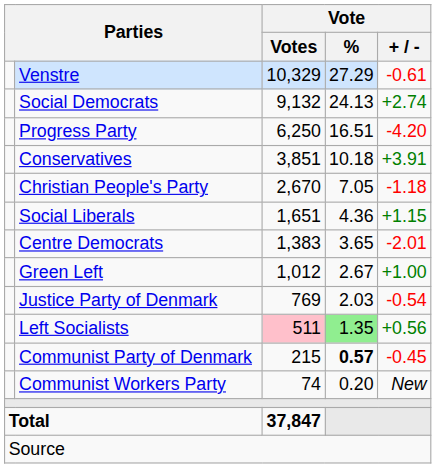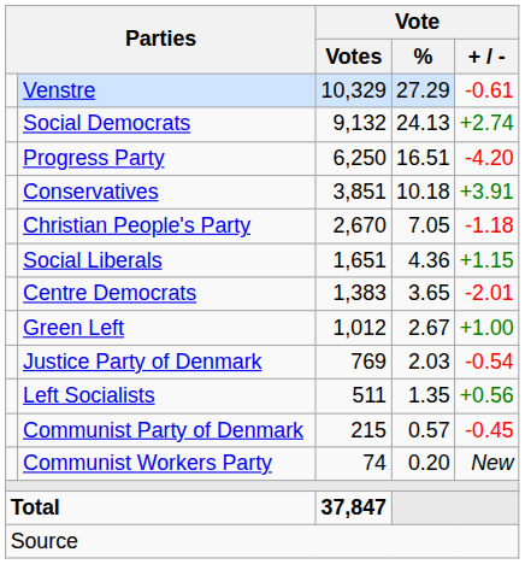 <table class="wikitable" style="text-align:right;">
 <tr>
 <th style="text-align:centre;" rowspan="2" colspan="2" width="225">Parties</th>
 <th colspan="3">Vote</th>
 </tr>
 <tr>
 <th width="15">Votes</th>
 <th width="15">%</th>
 <th width="15">+ / -</th>
 </tr>
 <tr>
 <td width="2" style="color:inherit;background:"></td>
 <td bgcolor=#cfe5fe  align="left"><a href='#'>Venstre</a></td>
 <td bgcolor=#cfe5fe>10,329</td>
 <td bgcolor=#cfe5fe>27.29</td>
 <td style=color:red;>-0.61</td>
 </tr>
 <tr>
 <td width="2" style="color:inherit;background:"></td>
 <td align="left"><a href='#'>Social Democrats</a></td>
 <td>9,132</td>
 <td>24.13</td>
 <td style=color:green;>+2.74</td>
 </tr>
 <tr>
 <td width="2" style="color:inherit;background:"></td>
 <td align="left"><a href='#'>Progress Party</a></td>
 <td>6,250</td>
 <td>16.51</td>
 <td style=color:red;>-4.20</td>
 </tr>
 <tr>
 <td width="2" style="color:inherit;background:"></td>
 <td align="left"><a href='#'>Conservatives</a></td>
 <td>3,851</td>
 <td>10.18</td>
 <td style=color:green;>+3.91</td>
 </tr>
 <tr>
 <td width="2" style="color:inherit;background:"></td>
 <td align="left"><a href='#'>Christian People's Party</a></td>
 <td>2,670</td>
 <td>7.05</td>
 <td style=color:red;>-1.18</td>
 </tr>
 <tr>
 <td width="2" style="color:inherit;background:"></td>
 <td align="left"><a href='#'>Social Liberals</a></td>
 <td>1,651</td>
 <td>4.36</td>
 <td style=color:green;>+1.15</td>
 </tr>
 <tr>
 <td width="2" style="color:inherit;background:"></td>
 <td align="left"><a href='#'>Centre Democrats</a></td>
 <td>1,383</td>
 <td>3.65</td>
 <td style=color:red;>-2.01</td>
 </tr>
 <tr>
 <td width="2" style="color:inherit;background:"></td>
 <td align="left"><a href='#'>Green Left</a></td>
 <td>1,012</td>
 <td>2.67</td>
 <td style=color:green;>+1.00</td>
 </tr>
 <tr>
 <td width="2" style="color:inherit;background:"></td>
 <td align="left"><a href='#'>Justice Party of Denmark</a></td>
 <td>769</td>
 <td>2.03</td>
 <td style=color:red;>-0.54</td>
 </tr>
 <tr>
 <td width="2" style="color:inherit;background:"></td>
 <td align="left"><a href='#'>Left Socialists</a></td>
-<td style="background: pink;">511</td>
-<td style="background: lightgreen;">1.35</td>
+<td>511</td>
+<td>1.35</td>
 <td style=color:green;>+0.56</td>
 </tr>
 <tr>
 <td width="2" style="color:inherit;background:"></td>
 <td align="left"><a href='#'>Communist Party of Denmark</a></td>
 <td>215</td>
-<td><strong>0.57</strong></td>
+<td>0.57</td>
 <td style=color:red;>-0.45</td>
 </tr>
 <tr>
 <td width="2" style="color:inherit;background:"></td>
 <td align="left"><a href='#'>Communist Workers Party</a></td>
 <td>74</td>
 <td>0.20</td>
 <td><em>New</em></td>
 </tr>
 <tr>
 <td colspan="7" bgcolor="#E9E9E9"></td>
 </tr>
 <tr>
 <td align="left" colspan="2"><strong>Total</strong></td>
 <td><strong>37,847</strong></td>
 <td bgcolor="#E9E9E9" colspan="2"></td>
 </tr>
 <tr>
 <td align="left" colspan="6">Source</td>
 </tr>
 </table>
